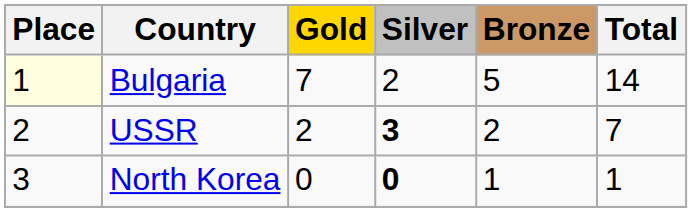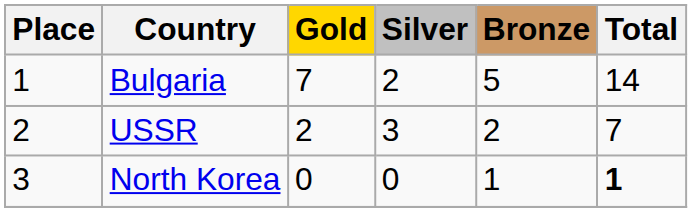 <table class="wikitable">
 <tr>
 <th>Place</th>
 <th>Country</th>
 <th style="background-color:#FFD700;">Gold</th>
 <th style="background-color:#C0C0C0;">Silver</th>
 <th style="background-color:#CC9966;">Bronze</th>
 <th>Total</th>
 </tr>
 <tr>
-<td style="background: lightyellow;">1</td>
+<td>1</td>
 <td> <a href='#'>Bulgaria</a></td>
 <td>7</td>
 <td>2</td>
 <td>5</td>
 <td>14</td>
 </tr>
 <tr>
 <td>2</td>
 <td> <a href='#'>USSR</a></td>
 <td>2</td>
-<td><strong>3</strong></td>
+<td>3</td>
 <td>2</td>
 <td>7</td>
 </tr>
 <tr>
 <td>3</td>
 <td> <a href='#'>North Korea</a></td>
 <td>0</td>
-<td><strong>0</strong></td>
+<td>0</td>
 <td>1</td>
-<td>1</td>
+<td><strong>1</strong></td>
 </tr>
 <tr>
 </tr>
 </table>
